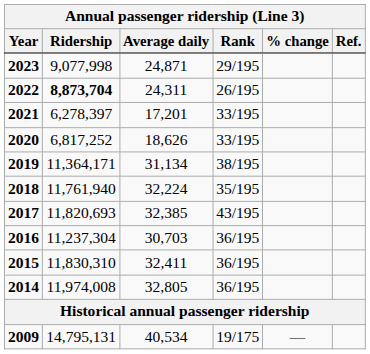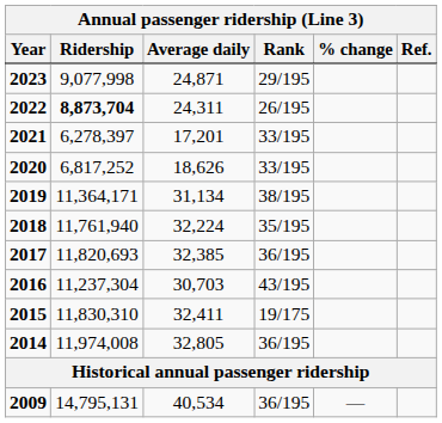 <table class="wikitable sortable" style="text-align:right;">
 <tr>
 <th colspan="6" style="background-color:#">Annual passenger ridership (Line 3)</th>
 </tr>
 <tr style="font-size:95%; text-align:center">
 <th style="border-bottom:1px solid black">Year</th>
 <th style="border-bottom:1px solid black">Ridership</th>
 <th style="border-bottom:1px solid black">Average daily</th>
 <th style="border-bottom:1px solid black">Rank</th>
 <th style="border-bottom:1px solid black">% change</th>
 <th style="border-bottom:1px solid black">Ref.</th>
 </tr>
 <tr style="text-align:center;">
 <td><strong>2023</strong></td>
 <td>9,077,998</td>
 <td>24,871</td>
 <td>29/195</td>
 <td></td>
 <td></td>
 </tr>
 <tr style="text-align:center;">
 <td><strong>2022</strong></td>
 <td><strong>8,873,704</strong></td>
 <td>24,311</td>
 <td>26/195</td>
 <td></td>
 <td></td>
 </tr>
 <tr style="text-align:center;">
 <td><strong>2021</strong></td>
 <td>6,278,397</td>
 <td>17,201</td>
 <td>33/195</td>
 <td></td>
 <td></td>
 </tr>
 <tr style="text-align:center;">
 <td><strong>2020</strong></td>
 <td>6,817,252</td>
 <td>18,626</td>
 <td>33/195</td>
 <td></td>
 <td></td>
 </tr>
 <tr style="text-align:center;">
 <td><strong>2019</strong></td>
 <td>11,364,171</td>
 <td>31,134</td>
 <td>38/195</td>
 <td></td>
 <td></td>
 </tr>
 <tr style="text-align:center;">
 <td><strong>2018</strong></td>
 <td>11,761,940</td>
 <td>32,224</td>
 <td>35/195</td>
 <td></td>
 <td></td>
 </tr>
 <tr style="text-align:center;">
 <td><strong>2017</strong></td>
 <td>11,820,693</td>
 <td>32,385</td>
-<td>43/195</td>
+<td>36/195</td>
 <td></td>
 <td></td>
 </tr>
 <tr style="text-align:center;">
 <td><strong>2016</strong></td>
 <td>11,237,304</td>
 <td>30,703</td>
-<td>36/195</td>
+<td>43/195</td>
 <td></td>
 <td></td>
 </tr>
 <tr style="text-align:center;">
 <td><strong>2015</strong></td>
 <td>11,830,310</td>
 <td>32,411</td>
-<td>36/195</td>
+<td>19/175</td>
 <td></td>
 <td></td>
 </tr>
 <tr style="text-align:center;">
 <td><strong>2014</strong></td>
 <td>11,974,008</td>
 <td>32,805</td>
 <td>36/195</td>
 <td></td>
 <td></td>
 </tr>
 <tr>
 <th colspan="6" style="background-color:#">Historical annual passenger ridership</th>
 </tr>
 <tr style="text-align:center;">
 <td><strong>2009</strong></td>
 <td>14,795,131</td>
 <td>40,534</td>
-<td>19/175</td>
+<td>36/195</td>
 <td>—</td>
 <td></td>
 </tr>
 </table>
